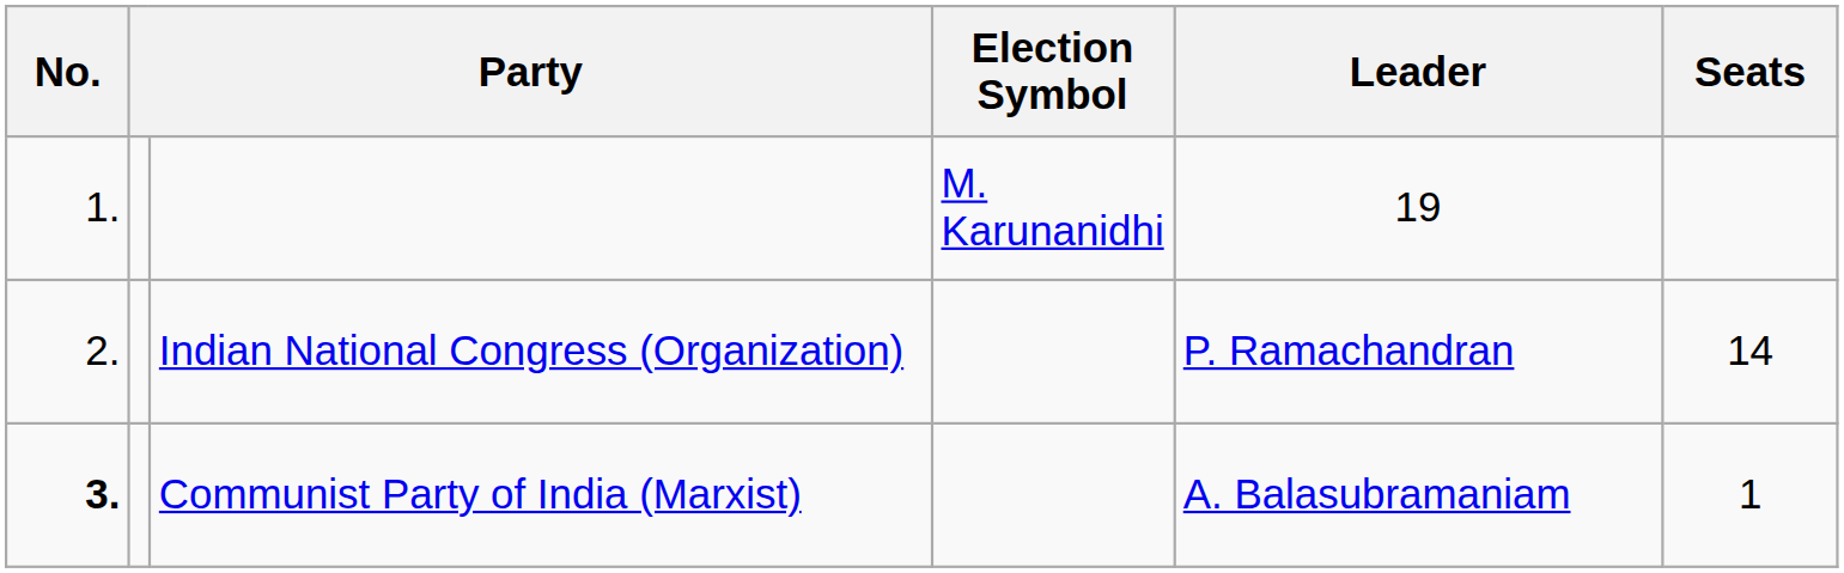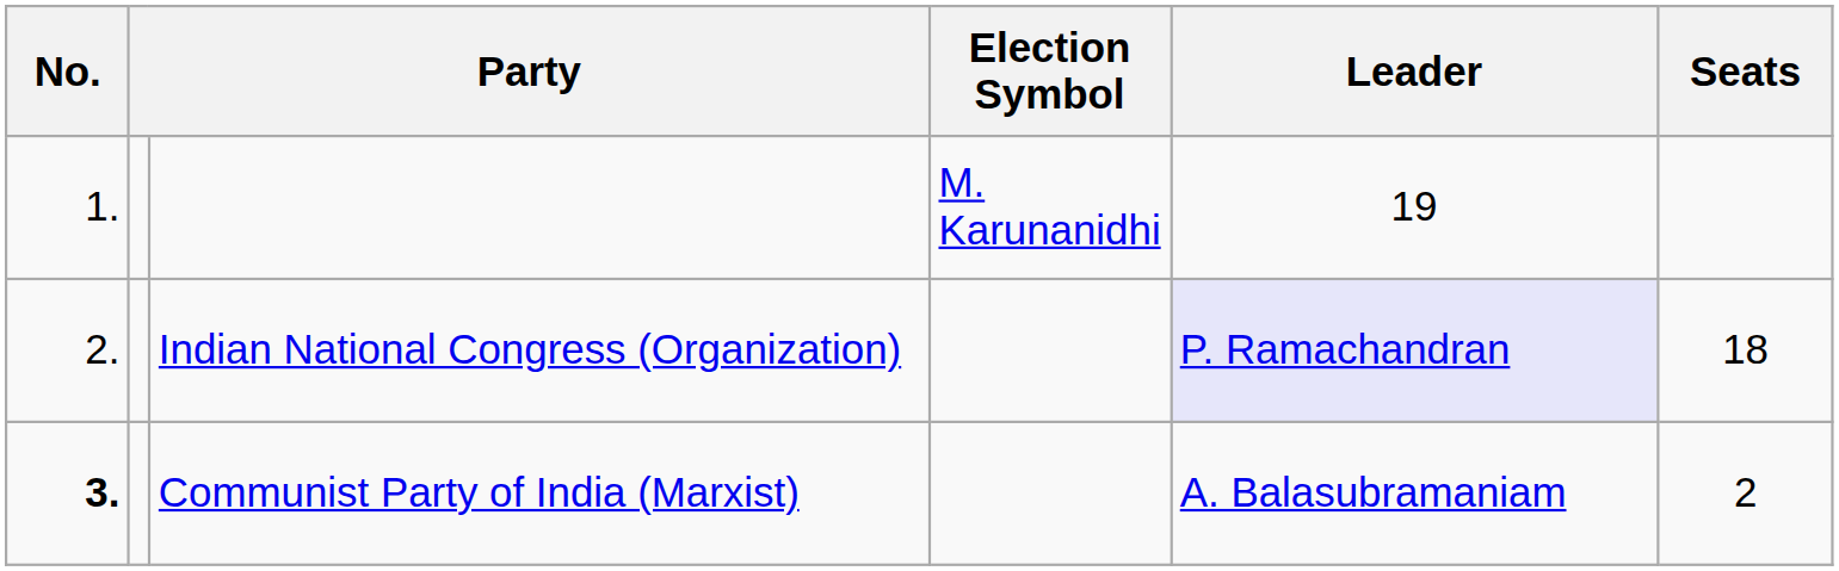 <table class="wikitable">
 <tr style="height: 50px;">
 <th scope="col" style="width:40px;">No.<br></th>
 <th scope="col" style="width:300px;"colspan="2">Party</th>
 <th scope="col" style="width:80px;">Election Symbol</th>
 <th scope="col" style="width:180px;">Leader</th>
 <th scope="col" style="width:60px;">Seats</th>
 </tr>
 <tr style="height: 55px;">
 <td style="text-align:right;">1.</td>
 <td></td>
 <td style="text-align:center;"></td>
 <td><a href='#'>M. Karunanidhi</a></td>
 <td style="text-align:center;">19</td>
 </tr>
 <tr style="height: 55px;">
 <td style="text-align:right;">2.</td>
 <td></td>
 <td><a href='#'>Indian National Congress (Organization)</a></td>
 <td style="text-align:center;"></td>
-<td><a href='#'>P. Ramachandran</a></td>
-<td style="text-align:center;">14</td>
+<td style="background: lavender;"><a href='#'>P. Ramachandran</a></td>
+<td style="text-align:center;">18</td>
 </tr>
 <tr style="height: 55px;">
 <td style="text-align:right;"><strong>3.</strong></td>
 <td></td>
 <td><a href='#'>Communist Party of India  (Marxist)</a></td>
 <td style="text-align:center;"></td>
 <td><a href='#'>A. Balasubramaniam</a></td>
-<td style="text-align:center;">1</td>
+<td style="text-align:center;">2</td>
 </tr>
 </table>
